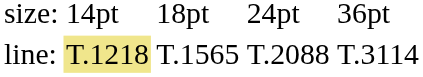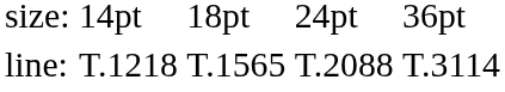 <table style="margin-left:40px;">
 <tr>
 <td>size:</td>
 <td>14pt</td>
 <td>18pt</td>
 <td>24pt</td>
 <td>36pt</td>
 </tr>
 <tr>
 <td>line:</td>
-<td style="background: khaki;">T.1218</td>
+<td>T.1218</td>
 <td>T.1565</td>
 <td>T.2088</td>
 <td>T.3114</td>
 </tr>
 </table>
